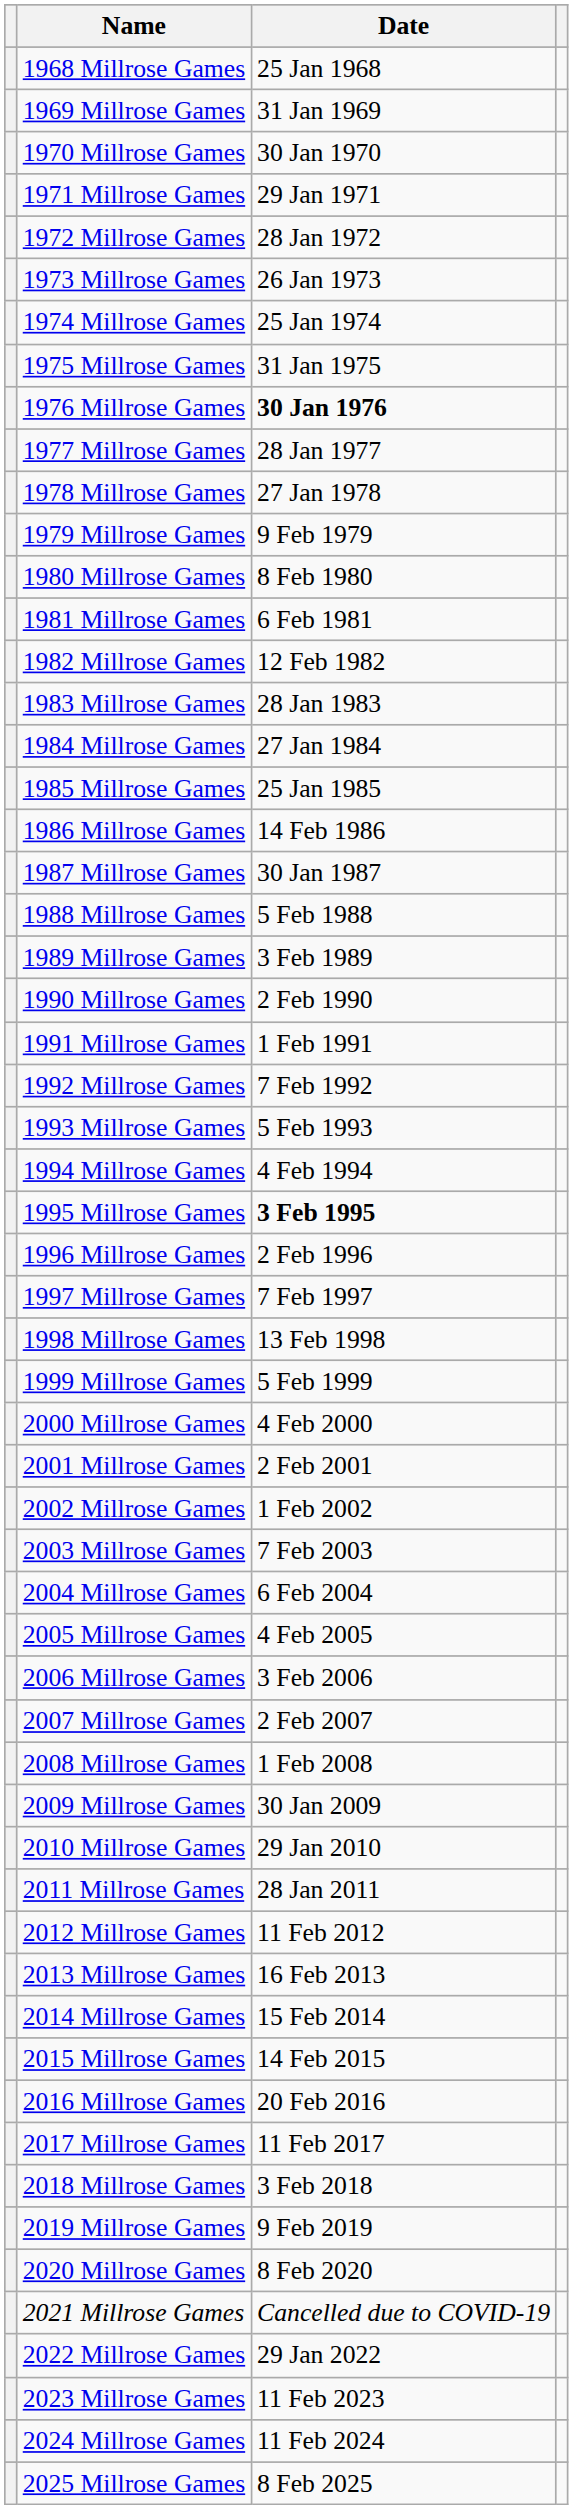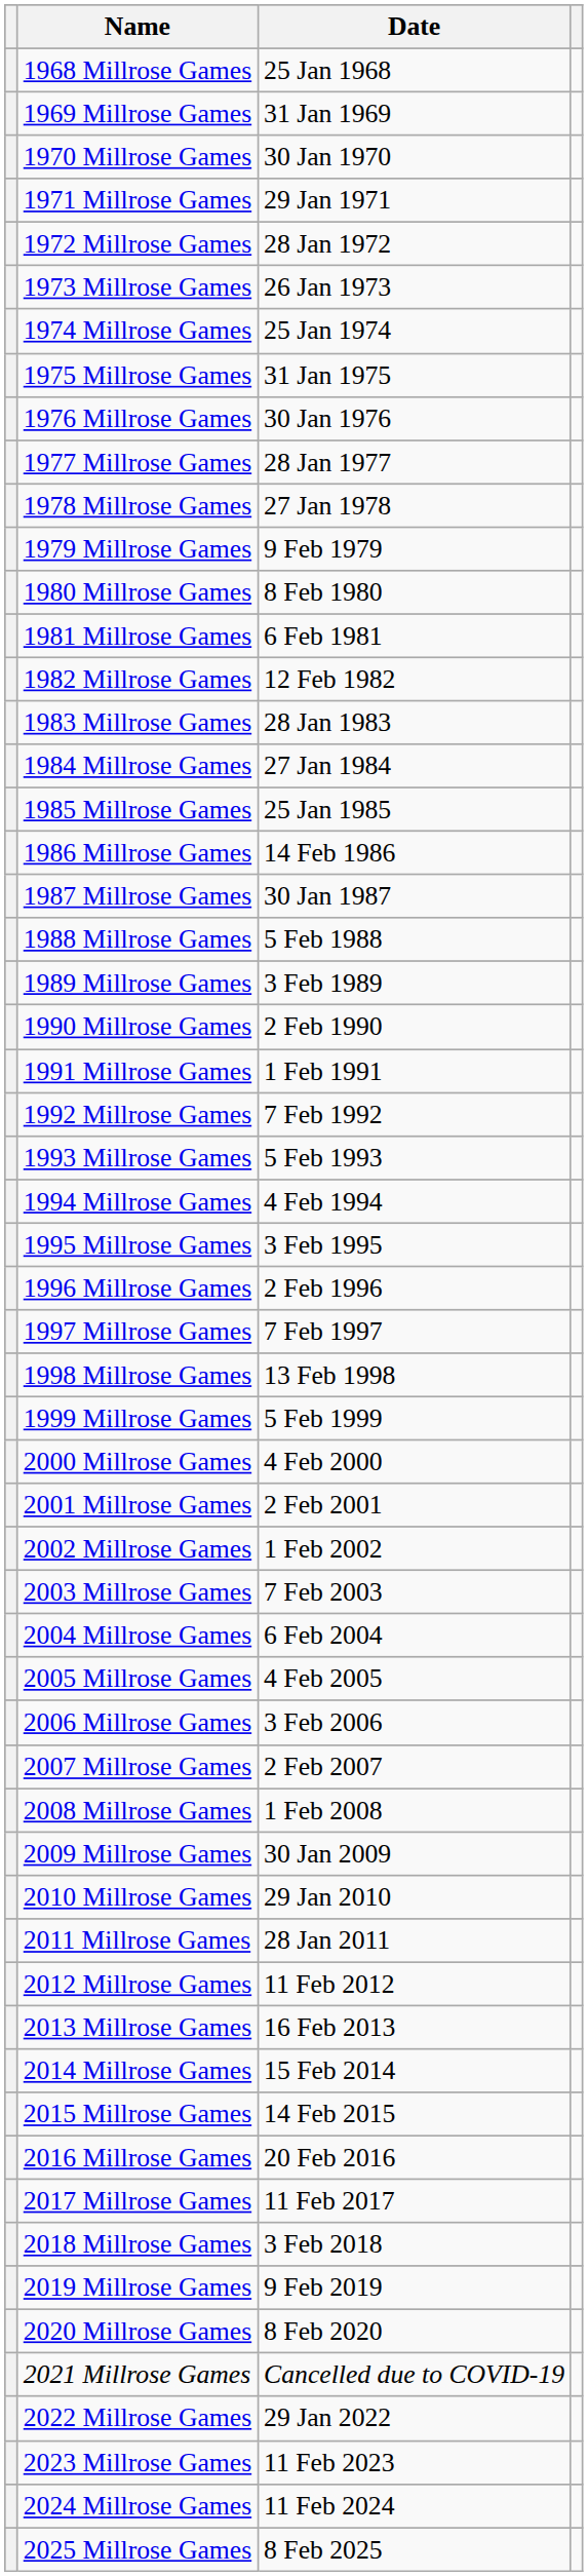 <table class="wikitable plainrowheaders sticky-header defaultleft col3right" style="font-size:95%">
 <tr>
 <th scope="col"></th>
 <th scope="col">Name</th>
 <th scope="col">Date</th>
 <th scope="col"></th>
 </tr>
 <tr>
 <th scope="row"></th>
 <td><a href='#'>1968 Millrose Games</a></td>
 <td>25 Jan 1968</td>
 <td></td>
 </tr>
 <tr>
 <th scope="row"></th>
 <td><a href='#'>1969 Millrose Games</a></td>
 <td>31 Jan 1969</td>
 <td></td>
 </tr>
 <tr>
 <th scope="row"></th>
 <td><a href='#'>1970 Millrose Games</a></td>
 <td>30 Jan 1970</td>
 <td></td>
 </tr>
 <tr>
 <th scope="row"></th>
 <td><a href='#'>1971 Millrose Games</a></td>
 <td>29 Jan 1971</td>
 <td></td>
 </tr>
 <tr>
 <th scope="row"></th>
 <td><a href='#'>1972 Millrose Games</a></td>
 <td>28 Jan 1972</td>
 <td></td>
 </tr>
 <tr>
 <th scope="row"></th>
 <td><a href='#'>1973 Millrose Games</a></td>
 <td>26 Jan 1973</td>
 <td></td>
 </tr>
 <tr>
 <th scope="row"></th>
 <td><a href='#'>1974 Millrose Games</a></td>
 <td>25 Jan 1974</td>
 <td></td>
 </tr>
 <tr>
 <th scope="row"></th>
 <td><a href='#'>1975 Millrose Games</a></td>
 <td>31 Jan 1975</td>
 <td></td>
 </tr>
 <tr>
 <th scope="row"></th>
 <td><a href='#'>1976 Millrose Games</a></td>
-<td><strong>30 Jan 1976</strong></td>
+<td>30 Jan 1976</td>
 <td></td>
 </tr>
 <tr>
 <th scope="row"></th>
 <td><a href='#'>1977 Millrose Games</a></td>
 <td>28 Jan 1977</td>
 <td></td>
 </tr>
 <tr>
 <th scope="row"></th>
 <td><a href='#'>1978 Millrose Games</a></td>
 <td>27 Jan 1978</td>
 <td></td>
 </tr>
 <tr>
 <th scope="row"></th>
 <td><a href='#'>1979 Millrose Games</a></td>
 <td>9 Feb 1979</td>
 <td></td>
 </tr>
 <tr>
 <th scope="row"></th>
 <td><a href='#'>1980 Millrose Games</a></td>
 <td>8 Feb 1980</td>
 <td></td>
 </tr>
 <tr>
 <th scope="row"></th>
 <td><a href='#'>1981 Millrose Games</a></td>
 <td>6 Feb 1981</td>
 <td></td>
 </tr>
 <tr>
 <th scope="row"></th>
 <td><a href='#'>1982 Millrose Games</a></td>
 <td>12 Feb 1982</td>
 <td></td>
 </tr>
 <tr>
 <th scope="row"></th>
 <td><a href='#'>1983 Millrose Games</a></td>
 <td>28 Jan 1983</td>
 <td></td>
 </tr>
 <tr>
 <th scope="row"></th>
 <td><a href='#'>1984 Millrose Games</a></td>
 <td>27 Jan 1984</td>
 <td></td>
 </tr>
 <tr>
 <th scope="row"></th>
 <td><a href='#'>1985 Millrose Games</a></td>
 <td>25 Jan 1985</td>
 <td></td>
 </tr>
 <tr>
 <th scope="row"></th>
 <td><a href='#'>1986 Millrose Games</a></td>
 <td>14 Feb 1986</td>
 <td></td>
 </tr>
 <tr>
 <th scope="row"></th>
 <td><a href='#'>1987 Millrose Games</a></td>
 <td>30 Jan 1987</td>
 <td></td>
 </tr>
 <tr>
 <th scope="row"></th>
 <td><a href='#'>1988 Millrose Games</a></td>
 <td>5 Feb 1988</td>
 <td></td>
 </tr>
 <tr>
 <th scope="row"></th>
 <td><a href='#'>1989 Millrose Games</a></td>
 <td>3 Feb 1989</td>
 <td></td>
 </tr>
 <tr>
 <th scope="row"></th>
 <td><a href='#'>1990 Millrose Games</a></td>
 <td>2 Feb 1990</td>
 <td></td>
 </tr>
 <tr>
 <th scope="row"></th>
 <td><a href='#'>1991 Millrose Games</a></td>
 <td>1 Feb 1991</td>
 <td></td>
 </tr>
 <tr>
 <th scope="row"></th>
 <td><a href='#'>1992 Millrose Games</a></td>
 <td>7 Feb 1992</td>
 <td></td>
 </tr>
 <tr>
 <th scope="row"></th>
 <td><a href='#'>1993 Millrose Games</a></td>
 <td>5 Feb 1993</td>
 <td></td>
 </tr>
 <tr>
 <th scope="row"></th>
 <td><a href='#'>1994 Millrose Games</a></td>
 <td>4 Feb 1994</td>
 <td></td>
 </tr>
 <tr>
 <th scope="row"></th>
 <td><a href='#'>1995 Millrose Games</a></td>
-<td><strong>3 Feb 1995</strong></td>
+<td>3 Feb 1995</td>
 <td></td>
 </tr>
 <tr>
 <th scope="row"></th>
 <td><a href='#'>1996 Millrose Games</a></td>
 <td>2 Feb 1996</td>
 <td></td>
 </tr>
 <tr>
 <th scope="row"></th>
 <td><a href='#'>1997 Millrose Games</a></td>
 <td>7 Feb 1997</td>
 <td></td>
 </tr>
 <tr>
 <th scope="row"></th>
 <td><a href='#'>1998 Millrose Games</a></td>
 <td>13 Feb 1998</td>
 <td></td>
 </tr>
 <tr>
 <th scope="row"></th>
 <td><a href='#'>1999 Millrose Games</a></td>
 <td>5 Feb 1999</td>
 <td></td>
 </tr>
 <tr>
 <th scope="row"></th>
 <td><a href='#'>2000 Millrose Games</a></td>
 <td>4 Feb 2000</td>
 <td></td>
 </tr>
 <tr>
 <th scope="row"></th>
 <td><a href='#'>2001 Millrose Games</a></td>
 <td>2 Feb 2001</td>
 <td></td>
 </tr>
 <tr>
 <th scope="row"></th>
 <td><a href='#'>2002 Millrose Games</a></td>
 <td>1 Feb 2002</td>
 <td></td>
 </tr>
 <tr>
 <th scope="row"></th>
 <td><a href='#'>2003 Millrose Games</a></td>
 <td>7 Feb 2003</td>
 <td></td>
 </tr>
 <tr>
 <th scope="row"></th>
 <td><a href='#'>2004 Millrose Games</a></td>
 <td>6 Feb 2004</td>
 <td></td>
 </tr>
 <tr>
 <th scope="row"></th>
 <td><a href='#'>2005 Millrose Games</a></td>
 <td>4 Feb 2005</td>
 <td></td>
 </tr>
 <tr>
 <th scope="row"></th>
 <td><a href='#'>2006 Millrose Games</a></td>
 <td>3 Feb 2006</td>
 <td></td>
 </tr>
 <tr>
 <th scope="row"></th>
 <td><a href='#'>2007 Millrose Games</a></td>
 <td>2 Feb 2007</td>
 <td></td>
 </tr>
 <tr>
 <th scope="row"></th>
 <td><a href='#'>2008 Millrose Games</a></td>
 <td>1 Feb 2008</td>
 <td></td>
 </tr>
 <tr>
 <th scope="row"></th>
 <td><a href='#'>2009 Millrose Games</a></td>
 <td>30 Jan 2009</td>
 <td></td>
 </tr>
 <tr>
 <th scope="row"></th>
 <td><a href='#'>2010 Millrose Games</a></td>
 <td>29 Jan 2010</td>
 <td></td>
 </tr>
 <tr>
 <th scope="row"></th>
 <td><a href='#'>2011 Millrose Games</a></td>
 <td>28 Jan 2011</td>
 <td></td>
 </tr>
 <tr>
 <th scope="row"></th>
 <td><a href='#'>2012 Millrose Games</a></td>
 <td>11 Feb 2012</td>
 <td></td>
 </tr>
 <tr>
 <th scope="row"></th>
 <td><a href='#'>2013 Millrose Games</a></td>
 <td>16 Feb 2013</td>
 <td></td>
 </tr>
 <tr>
 <th scope="row"></th>
 <td><a href='#'>2014 Millrose Games</a></td>
 <td>15 Feb 2014</td>
 <td></td>
 </tr>
 <tr>
 <th scope="row"></th>
 <td><a href='#'>2015 Millrose Games</a></td>
 <td>14 Feb 2015</td>
 <td></td>
 </tr>
 <tr>
 <th scope="row"></th>
 <td><a href='#'>2016 Millrose Games</a></td>
 <td>20 Feb 2016</td>
 <td></td>
 </tr>
 <tr>
 <th scope="row"></th>
 <td><a href='#'>2017 Millrose Games</a></td>
 <td>11 Feb 2017</td>
 <td></td>
 </tr>
 <tr>
 <th scope="row"></th>
 <td><a href='#'>2018 Millrose Games</a></td>
 <td>3 Feb 2018</td>
 <td></td>
 </tr>
 <tr>
 <th scope="row"></th>
 <td><a href='#'>2019 Millrose Games</a></td>
 <td>9 Feb 2019</td>
 <td></td>
 </tr>
 <tr>
 <th scope="row"></th>
 <td><a href='#'>2020 Millrose Games</a></td>
 <td>8 Feb 2020</td>
 <td></td>
 </tr>
 <tr>
 <th scope="row"></th>
 <td><em>2021 Millrose Games</em></td>
 <td><em>Cancelled due to COVID-19</em></td>
 <td></td>
 </tr>
 <tr>
 <th scope="row"></th>
 <td><a href='#'>2022 Millrose Games</a></td>
 <td>29 Jan 2022</td>
 <td></td>
 </tr>
 <tr>
 <th scope="row"></th>
 <td><a href='#'>2023 Millrose Games</a></td>
 <td>11 Feb 2023</td>
 <td></td>
 </tr>
 <tr>
 <th scope="row"></th>
 <td><a href='#'>2024 Millrose Games</a></td>
 <td>11 Feb 2024</td>
 <td></td>
 </tr>
 <tr>
 <th scope="row"></th>
 <td><a href='#'>2025 Millrose Games</a></td>
 <td>8 Feb 2025</td>
 <td></td>
 </tr>
 </table>
